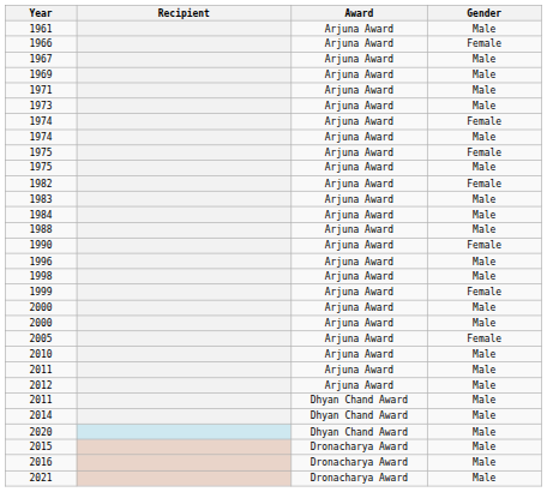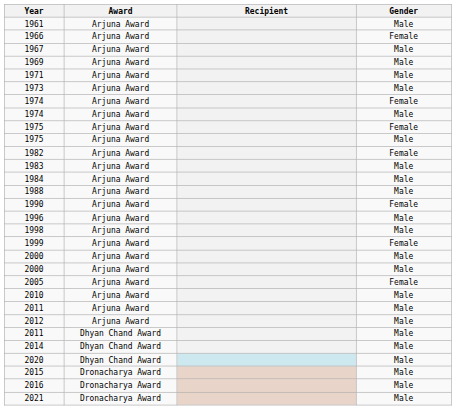 <table class="wikitable sortable" style="text-align:center;">
 <tr>
 <th scope="col" style="width:10%">Year</th>
+<th scope="col" style="width:19%">Award</th>
 <th scope="col" style="width:30%">Recipient</th>
-<th scope="col" style="width:19%">Award</th>
 <th scope="col" style="width:16%">Gender</th>
 </tr>
 <tr>
 <td style="text-align:center;">1961</td>
+<td>Arjuna Award</td>
 <th scope="row"></th>
-<td>Arjuna Award</td>
 <td>Male</td>
 </tr>
 <tr>
 <td style="text-align:center;">1966</td>
+<td>Arjuna Award</td>
 <th scope="row"></th>
-<td>Arjuna Award</td>
 <td>Female</td>
 </tr>
 <tr>
 <td style="text-align:center;">1967</td>
+<td>Arjuna Award</td>
 <th scope="row"></th>
-<td>Arjuna Award</td>
 <td>Male</td>
 </tr>
 <tr>
 <td style="text-align:center;">1969</td>
+<td>Arjuna Award</td>
 <th scope="row"></th>
-<td>Arjuna Award</td>
 <td>Male</td>
 </tr>
 <tr>
 <td style="text-align:center;">1971</td>
+<td>Arjuna Award</td>
 <th scope="row"></th>
-<td>Arjuna Award</td>
 <td>Male</td>
 </tr>
 <tr>
 <td style="text-align:center;">1973</td>
+<td>Arjuna Award</td>
 <th scope="row"></th>
-<td>Arjuna Award</td>
 <td>Male</td>
 </tr>
 <tr>
 <td style="text-align:center;">1974</td>
+<td>Arjuna Award</td>
 <th scope="row"></th>
-<td>Arjuna Award</td>
 <td>Female</td>
 </tr>
 <tr>
 <td style="text-align:center;">1974</td>
+<td>Arjuna Award</td>
 <th scope="row"></th>
-<td>Arjuna Award</td>
 <td>Male</td>
 </tr>
 <tr>
 <td style="text-align:center;">1975</td>
+<td>Arjuna Award</td>
 <th scope="row"></th>
-<td>Arjuna Award</td>
 <td>Female</td>
 </tr>
 <tr>
 <td style="text-align:center;">1975</td>
+<td>Arjuna Award</td>
 <th scope="row"></th>
-<td>Arjuna Award</td>
 <td>Male</td>
 </tr>
 <tr>
 <td style="text-align:center;">1982</td>
+<td>Arjuna Award</td>
 <th scope="row"></th>
-<td>Arjuna Award</td>
 <td>Female</td>
 </tr>
 <tr>
 <td style="text-align:center;">1983</td>
+<td>Arjuna Award</td>
 <th scope="row"></th>
-<td>Arjuna Award</td>
 <td>Male</td>
 </tr>
 <tr>
 <td style="text-align:center;">1984</td>
+<td>Arjuna Award</td>
 <th scope="row"></th>
-<td>Arjuna Award</td>
 <td>Male</td>
 </tr>
 <tr>
 <td style="text-align:center;">1988</td>
+<td>Arjuna Award</td>
 <th scope="row"></th>
-<td>Arjuna Award</td>
 <td>Male</td>
 </tr>
 <tr>
 <td style="text-align:center;">1990</td>
+<td>Arjuna Award</td>
 <th scope="row"></th>
-<td>Arjuna Award</td>
 <td>Female</td>
 </tr>
 <tr>
 <td style="text-align:center;">1996</td>
+<td>Arjuna Award</td>
 <th scope="row"></th>
-<td>Arjuna Award</td>
 <td>Male</td>
 </tr>
 <tr>
 <td style="text-align:center;">1998</td>
+<td>Arjuna Award</td>
 <th scope="row"></th>
-<td>Arjuna Award</td>
 <td>Male</td>
 </tr>
 <tr>
 <td style="text-align:center;">1999</td>
+<td>Arjuna Award</td>
 <th scope="row"></th>
-<td>Arjuna Award</td>
 <td>Female</td>
 </tr>
 <tr>
 <td style="text-align:center;">2000</td>
+<td>Arjuna Award</td>
 <th scope="row"></th>
-<td>Arjuna Award</td>
 <td>Male</td>
 </tr>
 <tr>
 <td style="text-align:center;">2000</td>
+<td>Arjuna Award</td>
 <th scope="row"></th>
-<td>Arjuna Award</td>
 <td>Male</td>
 </tr>
 <tr>
 <td style="text-align:center;">2005</td>
+<td>Arjuna Award</td>
 <th scope="row"></th>
-<td>Arjuna Award</td>
 <td>Female</td>
 </tr>
 <tr>
 <td style="text-align:center;">2010</td>
+<td>Arjuna Award</td>
 <th scope="row"></th>
-<td>Arjuna Award</td>
 <td>Male</td>
 </tr>
 <tr>
 <td style="text-align:center;">2011</td>
+<td>Arjuna Award</td>
 <th scope="row"></th>
-<td>Arjuna Award</td>
 <td>Male</td>
 </tr>
 <tr>
 <td style="text-align:center;">2012</td>
+<td>Arjuna Award</td>
 <th scope="row"></th>
-<td>Arjuna Award</td>
 <td>Male</td>
 </tr>
 <tr>
 <td style="text-align:center;">2011</td>
+<td>Dhyan Chand Award</td>
 <th scope="row"></th>
-<td>Dhyan Chand Award</td>
 <td>Male</td>
 </tr>
 <tr>
 <td style="text-align:center;">2014</td>
+<td>Dhyan Chand Award</td>
 <th scope="row"></th>
-<td>Dhyan Chand Award</td>
 <td>Male</td>
 </tr>
 <tr>
 <td style="text-align:center;">2020</td>
+<td>Dhyan Chand Award</td>
 <th scope="row" style="background-color:#CEE8F0;"></th>
-<td>Dhyan Chand Award</td>
 <td>Male</td>
 </tr>
 <tr>
 <td style="text-align:center;">2015</td>
+<td>Dronacharya Award</td>
 <th scope="row" style="background-color:#E9D4C9"> </th>
-<td>Dronacharya Award</td>
 <td>Male</td>
 </tr>
 <tr>
 <td style="text-align:center;">2016</td>
+<td>Dronacharya Award</td>
 <th scope="row" style="background-color:#E9D4C9"> </th>
-<td>Dronacharya Award</td>
 <td>Male</td>
 </tr>
 <tr>
 <td style="text-align:center;">2021</td>
+<td>Dronacharya Award</td>
 <th scope="row" style="background-color:#E9D4C9"> </th>
-<td>Dronacharya Award</td>
 <td>Male</td>
 </tr>
 </table>
